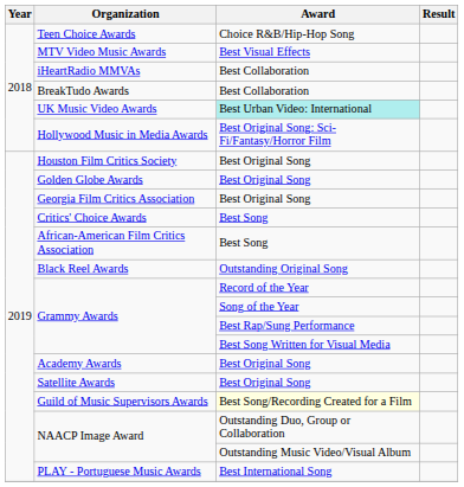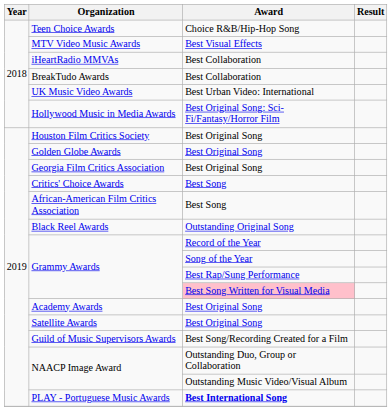 <table class="wikitable">
 <tr>
 <th>Year</th>
 <th>Organization</th>
 <th>Award</th>
 <th>Result</th>
 </tr>
 <tr>
 <td rowspan="6">2018</td>
 <td><a href='#'>Teen Choice Awards</a></td>
 <td>Choice R&B/Hip-Hop Song</td>
 <td></td>
 </tr>
 <tr>
 <td><a href='#'>MTV Video Music Awards</a></td>
 <td><a href='#'>Best Visual Effects</a></td>
 <td></td>
 </tr>
 <tr>
 <td><a href='#'>iHeartRadio MMVAs</a></td>
 <td>Best Collaboration</td>
 <td></td>
 </tr>
 <tr>
 <td>BreakTudo Awards</td>
 <td>Best Collaboration</td>
 <td></td>
 </tr>
 <tr>
 <td><a href='#'>UK Music Video Awards</a></td>
-<td style="background: paleturquoise;">Best Urban Video: International</td>
+<td>Best Urban Video: International</td>
 <td></td>
 </tr>
 <tr>
 <td><a href='#'>Hollywood Music in Media Awards</a></td>
 <td><a href='#'>Best Original Song: Sci-Fi/Fantasy/Horror Film</a></td>
 <td></td>
 </tr>
 <tr>
 <td rowspan="16">2019</td>
 <td><a href='#'>Houston Film Critics Society</a></td>
 <td>Best Original Song</td>
 <td></td>
 </tr>
 <tr>
 <td><a href='#'>Golden Globe Awards</a></td>
 <td><a href='#'>Best Original Song</a></td>
 <td></td>
 </tr>
 <tr>
 <td><a href='#'>Georgia Film Critics Association</a></td>
 <td>Best Original Song</td>
 <td></td>
 </tr>
 <tr>
 <td><a href='#'>Critics' Choice Awards</a></td>
 <td><a href='#'>Best Song</a></td>
 <td></td>
 </tr>
 <tr>
 <td><a href='#'>African-American Film Critics Association</a></td>
 <td>Best Song</td>
 <td></td>
 </tr>
 <tr>
 <td><a href='#'>Black Reel Awards</a></td>
 <td><a href='#'>Outstanding Original Song</a></td>
 <td></td>
 </tr>
 <tr>
 <td rowspan="4"><a href='#'>Grammy Awards</a></td>
 <td><a href='#'>Record of the Year</a></td>
 <td></td>
 </tr>
 <tr>
 <td><a href='#'>Song of the Year</a></td>
 <td></td>
 </tr>
 <tr>
 <td><a href='#'>Best Rap/Sung Performance</a></td>
 <td></td>
 </tr>
 <tr>
-<td><a href='#'>Best Song Written for Visual Media</a></td>
+<td style="background: pink;"><a href='#'>Best Song Written for Visual Media</a></td>
 <td></td>
 </tr>
 <tr>
 <td><a href='#'>Academy Awards</a></td>
 <td><a href='#'>Best Original Song</a></td>
 <td></td>
 </tr>
 <tr>
 <td><a href='#'>Satellite Awards</a></td>
 <td><a href='#'>Best Original Song</a></td>
 <td></td>
 </tr>
 <tr>
 <td><a href='#'>Guild of Music Supervisors Awards</a></td>
-<td style="background: lightyellow;">Best Song/Recording Created for a Film</td>
+<td>Best Song/Recording Created for a Film</td>
 <td></td>
 </tr>
 <tr>
 <td rowspan=2>NAACP Image Award</td>
 <td>Outstanding Duo, Group or Collaboration</td>
 <td></td>
 </tr>
 <tr>
 <td>Outstanding Music Video/Visual Album</td>
 <td></td>
 </tr>
 <tr>
 <td><a href='#'>PLAY - Portuguese Music Awards</a></td>
-<td><a href='#'>Best International Song</a></td>
+<td><strong><a href='#'>Best International Song</a></strong></td>
 <td></td>
 </tr>
 <tr>
 </tr>
 </table>
